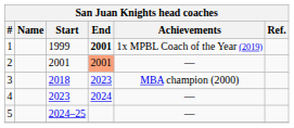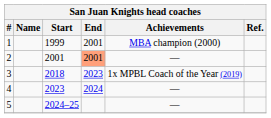 <table class="wikitable sortable">
 <tr>
 <th colspan="6">San Juan Knights head coaches</th>
 </tr>
 <tr>
 <th>#</th>
 <th>Name</th>
 <th>Start</th>
 <th>End</th>
 <th>Achievements</th>
 <th>Ref.</th>
 </tr>
 <tr>
 <td align=center>1</td>
 <td></td>
 <td>1999</td>
-<td><strong>2001</strong></td>
-<td align=center>1x MPBL Coach of the Year<small> <a href='#'>(2019)</a> </small></td>
+<td>2001</td>
+<td align=center><a href='#'>MBA</a> champion (2000)</td>
 <td></td>
 </tr>
 <tr>
 <td align=center>2</td>
 <td></td>
 <td>2001</td>
 <td style="background: lightsalmon;">2001</td>
 <td align=center>—</td>
 <td></td>
 </tr>
 <tr>
 <td align=center>3</td>
 <td></td>
 <td><a href='#'>2018</a></td>
 <td><a href='#'>2023</a></td>
-<td align=center><a href='#'>MBA</a> champion (2000)</td>
+<td align=center>1x MPBL Coach of the Year<small> <a href='#'>(2019)</a> </small></td>
 <td></td>
 </tr>
 <tr>
 <td align=center>4</td>
 <td></td>
 <td><a href='#'>2023</a></td>
 <td><a href='#'>2024</a></td>
 <td align=center>—</td>
 <td></td>
 </tr>
 <tr>
 <td align=center>5</td>
 <td></td>
 <td><a href='#'>2024–25</a></td>
 <td></td>
 <td align=center>—</td>
 <td></td>
 </tr>
 <tr>
 </tr>
 </table>
